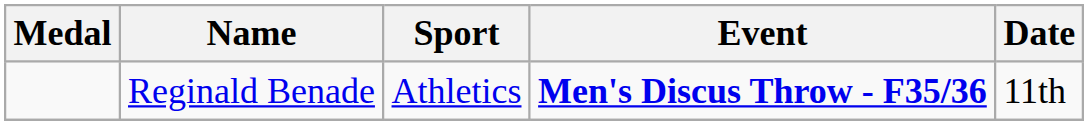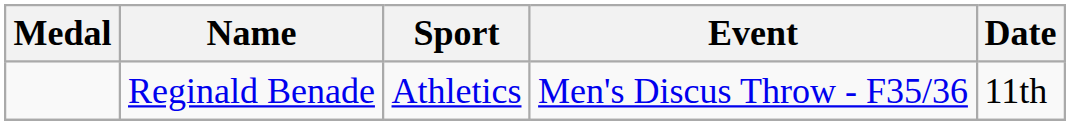 <table class="wikitable sortable">
 <tr>
 <th>Medal</th>
 <th>Name</th>
 <th>Sport</th>
 <th>Event</th>
 <th>Date</th>
 </tr>
 <tr>
 <td></td>
 <td><a href='#'>Reginald Benade</a></td>
 <td><a href='#'>Athletics</a></td>
-<td><strong><a href='#'>Men's Discus Throw - F35/36</a></strong></td>
+<td><a href='#'>Men's Discus Throw - F35/36</a></td>
 <td>11th</td>
 </tr>
 <tr>
 </tr>
 </table>
